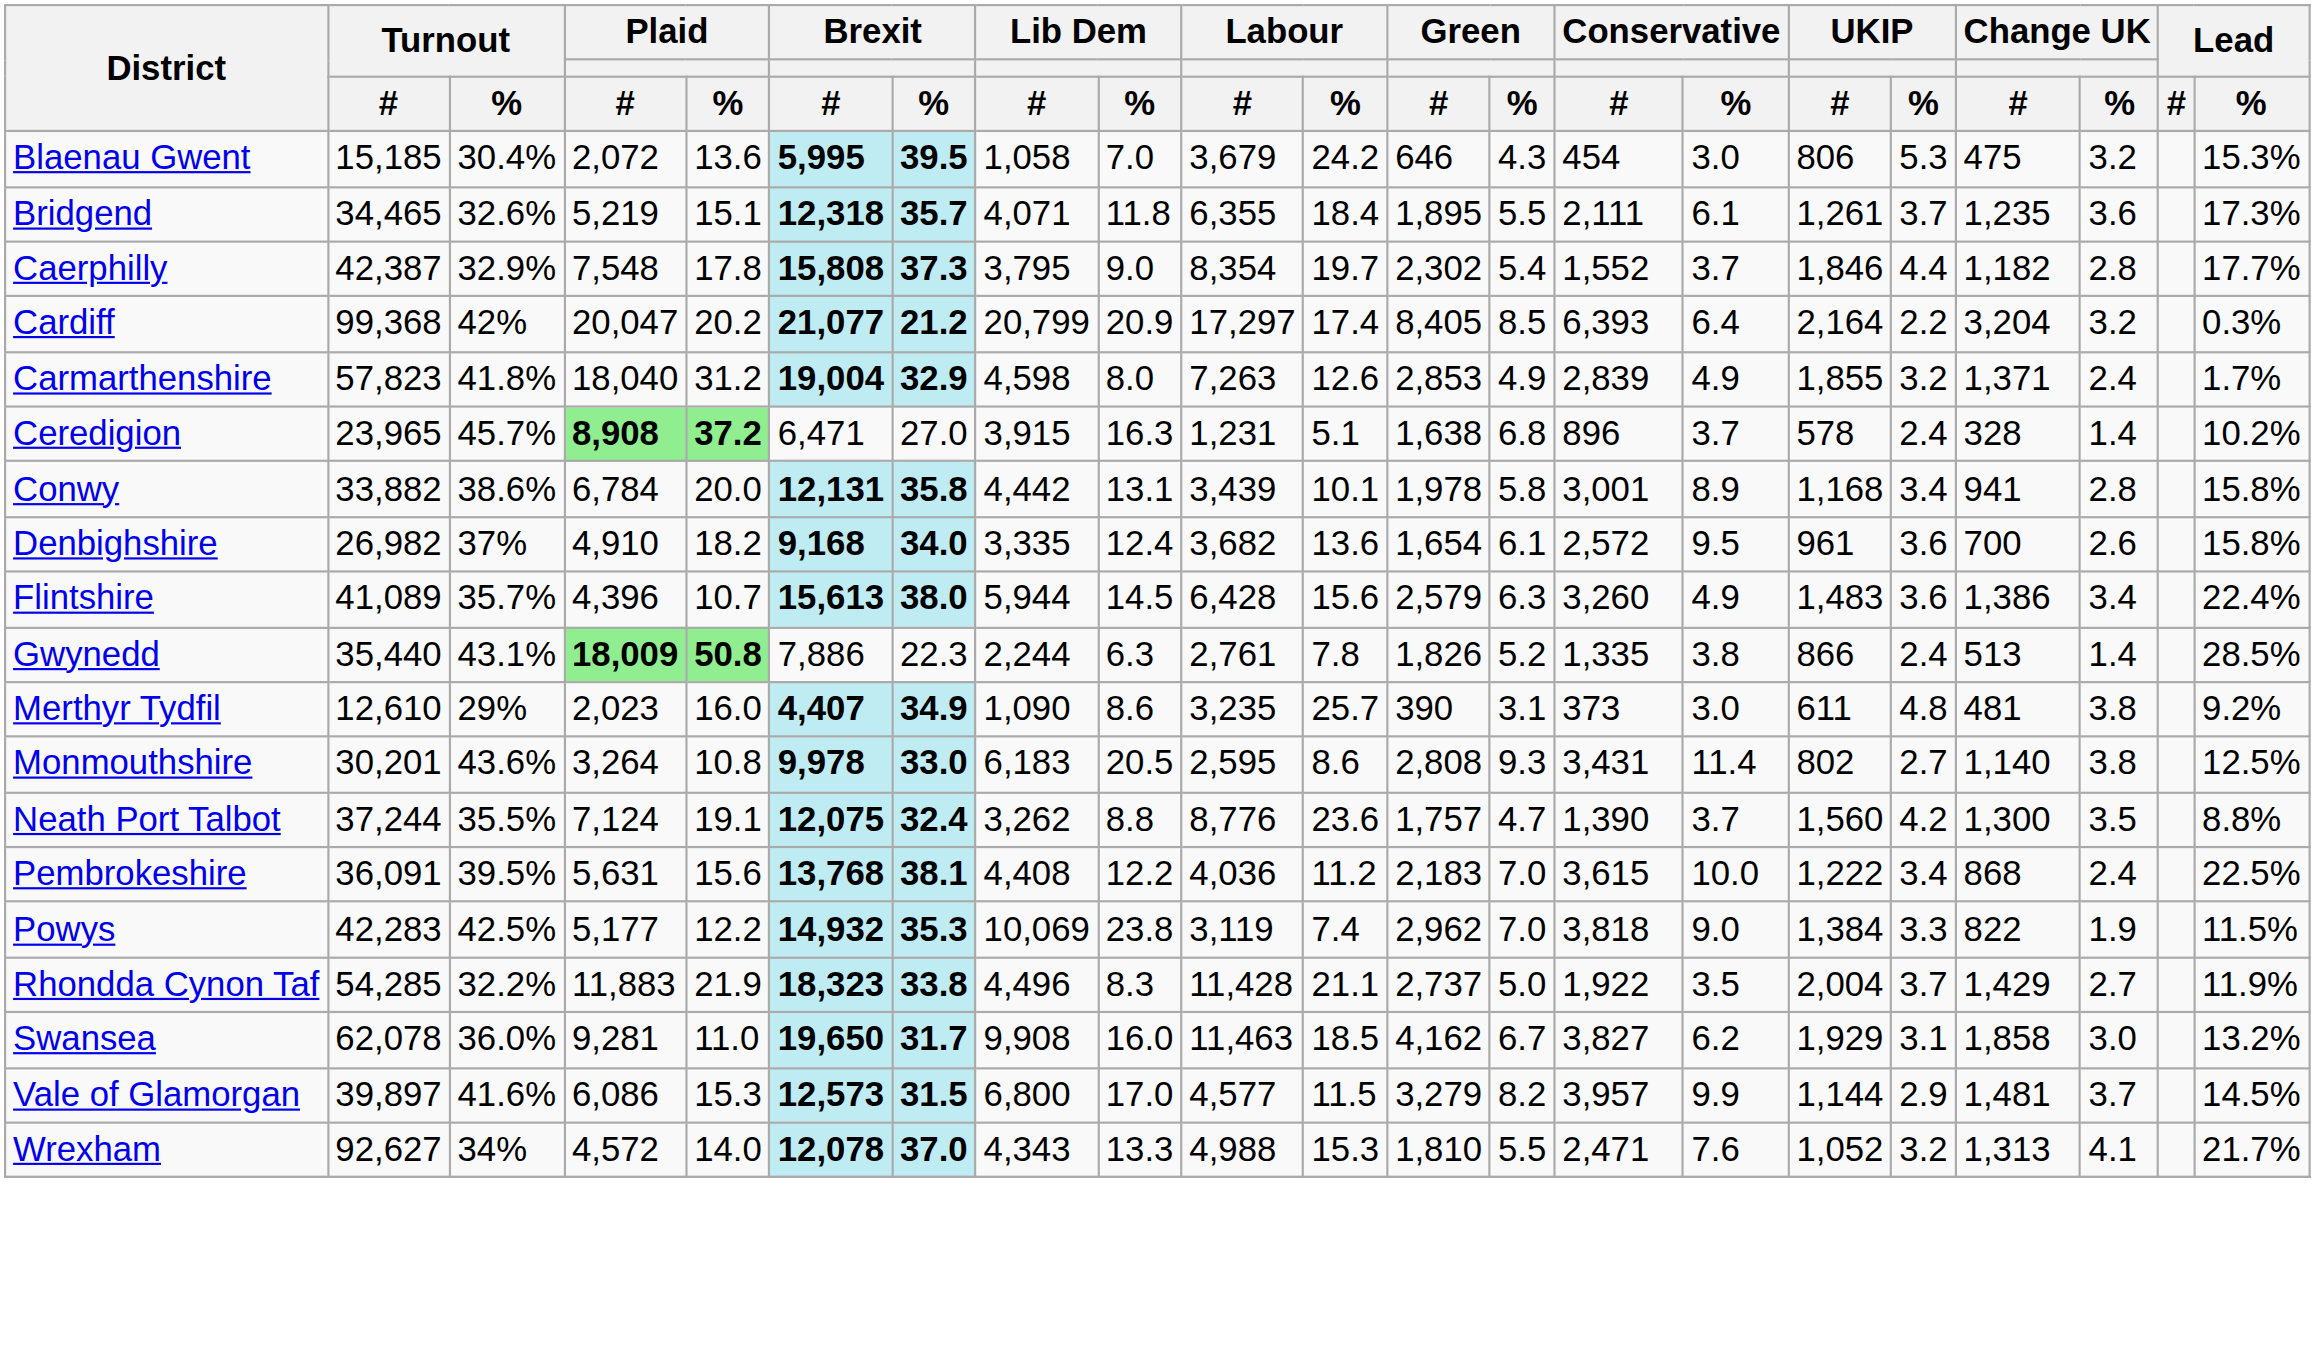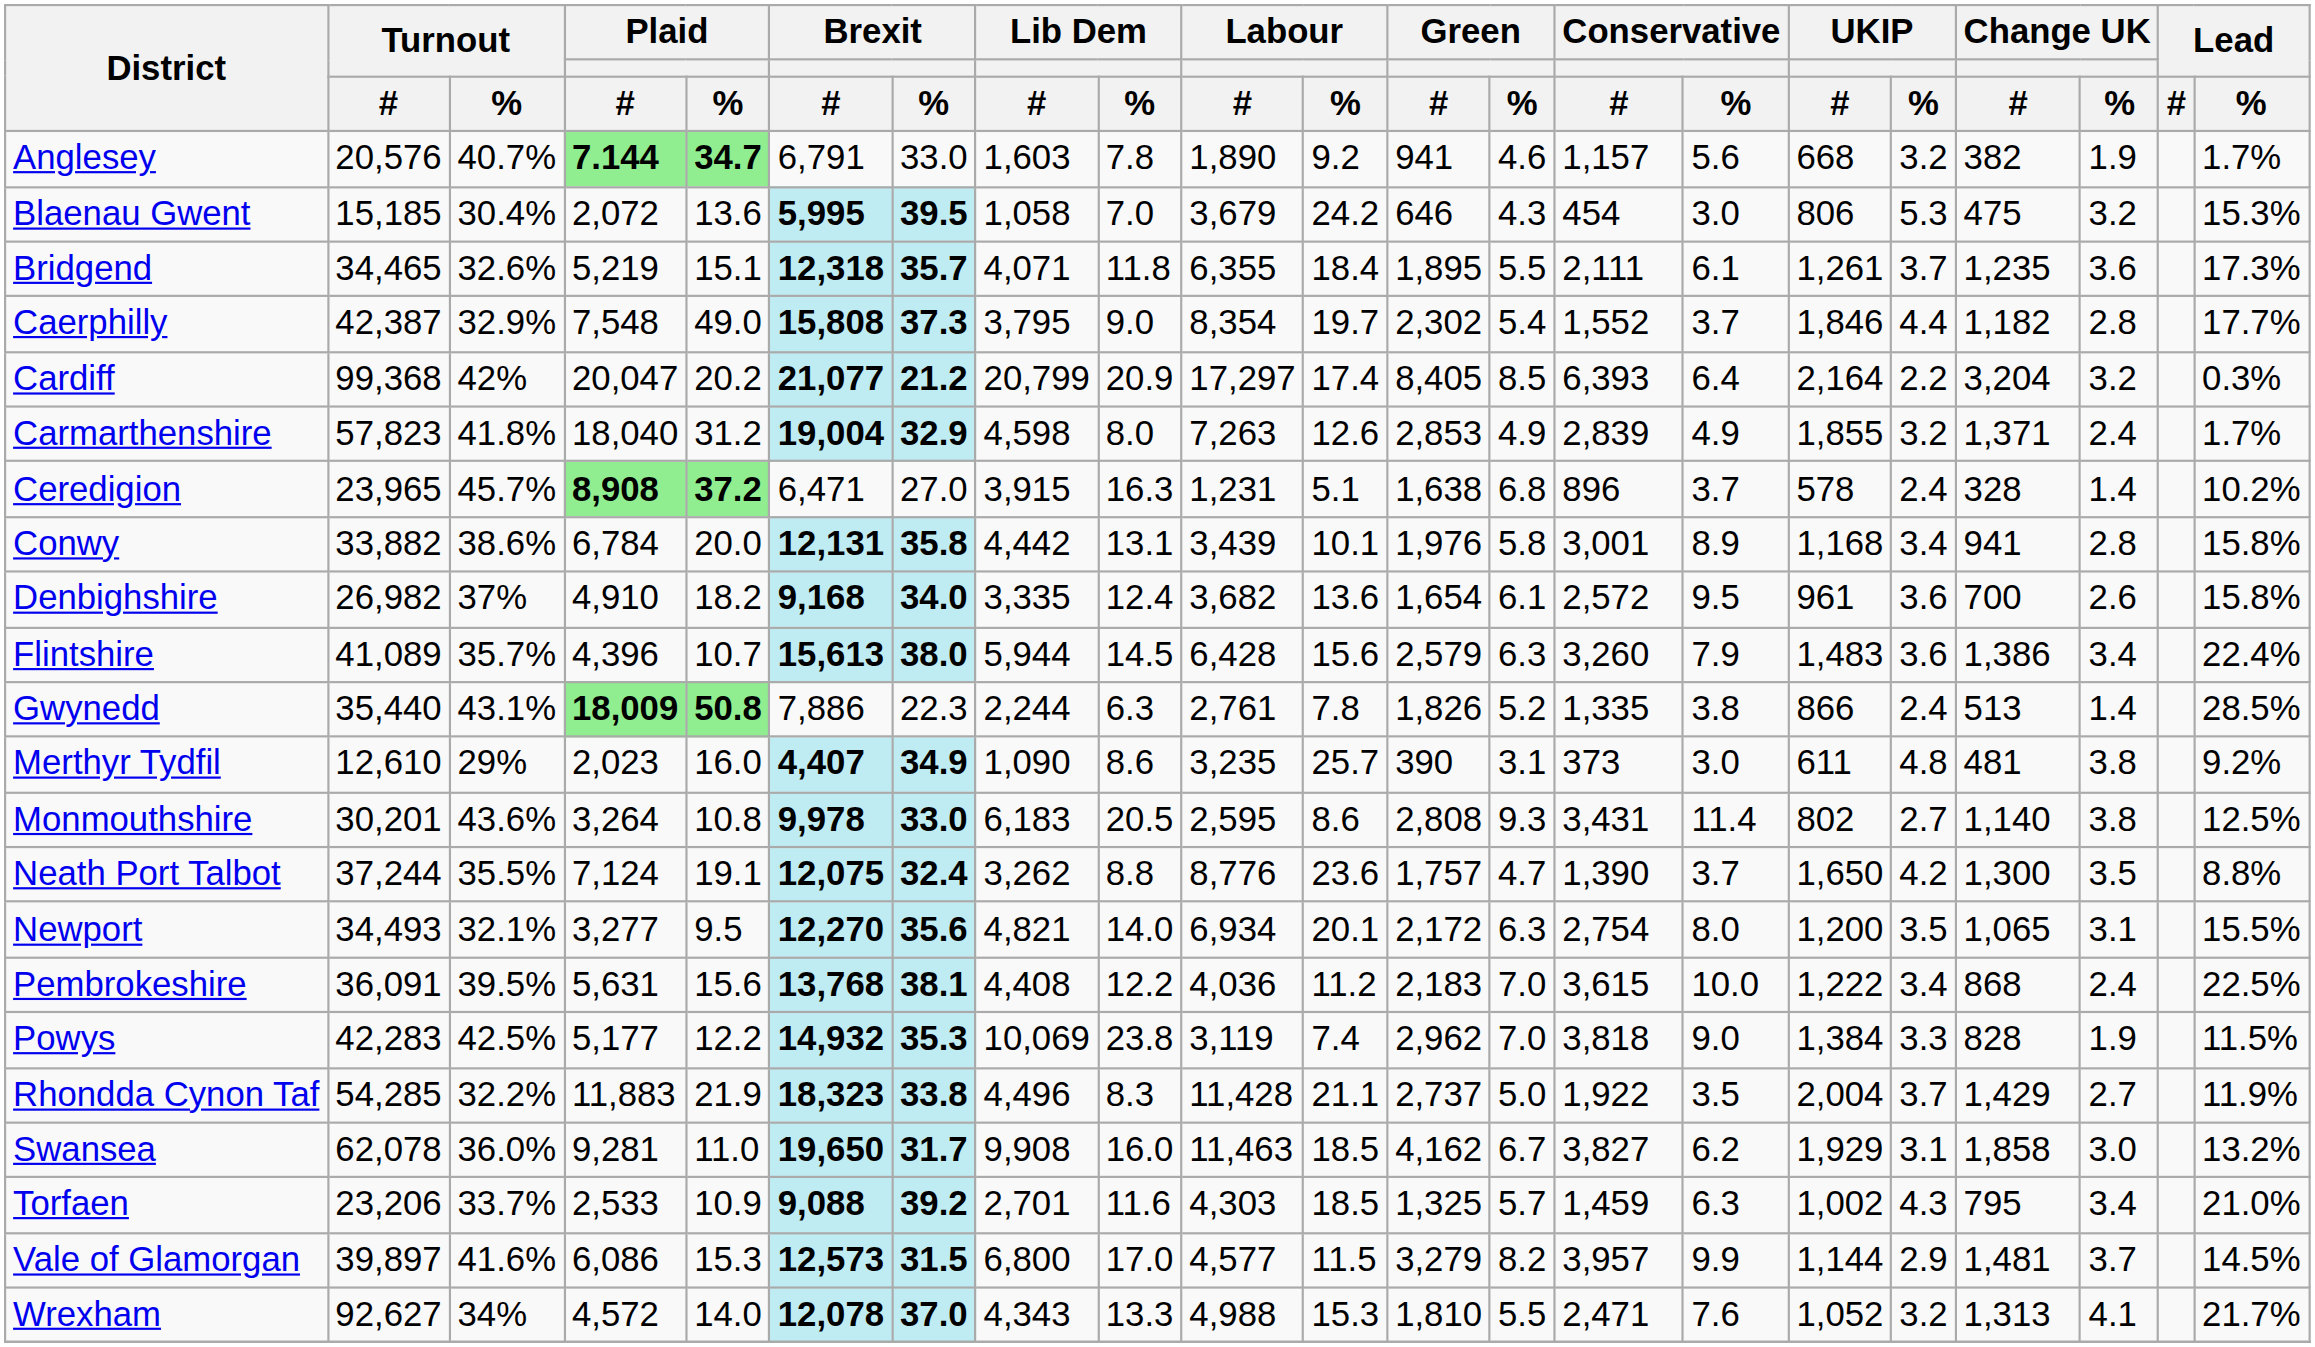 <table class="wikitable sortable">
 <tr>
 <th rowspan=3>District</th>
 <th rowspan=2 colspan=2>Turnout</th>
 <th colspan="2">Plaid</th>
 <th colspan="2">Brexit</th>
 <th colspan="2">Lib Dem</th>
 <th colspan="2">Labour</th>
 <th colspan="2">Green</th>
 <th colspan="2">Conservative</th>
 <th colspan="2">UKIP</th>
 <th colspan="2">Change UK</th>
 <th colspan="2" rowspan="2">Lead</th>
 </tr>
 <tr>
 <th colspan="2" style="background:"></th>
 <th colspan="2" style="background:"></th>
 <th colspan="2" style="background:"></th>
 <th colspan="2" style="background:"></th>
 <th colspan="2" style="background:"></th>
 <th colspan="2" style="background:"></th>
 <th colspan="2" style="background:"></th>
 <th colspan="2" style="background:"></th>
 </tr>
 <tr>
 <th>#</th>
 <th>%</th>
 <th>#</th>
 <th>%</th>
 <th>#</th>
 <th>%</th>
 <th>#</th>
 <th>%</th>
 <th>#</th>
 <th>%</th>
 <th>#</th>
 <th>%</th>
 <th>#</th>
 <th>%</th>
 <th>#</th>
 <th>%</th>
 <th>#</th>
 <th>%</th>
 <th>#</th>
 <th>%</th>
+</tr>
+<tr>
+<td><a href='#'>Anglesey</a></td>
+<td>20,576</td>
+<td>40.7%</td>
+<td style="background:#90ee90"><strong>7.144</strong></td>
+<td style="background:#90ee90"><strong>34.7</strong></td>
+<td>6,791</td>
+<td>33.0</td>
+<td>1,603</td>
+<td>7.8</td>
+<td>1,890</td>
+<td>9.2</td>
+<td>941</td>
+<td>4.6</td>
+<td>1,157</td>
+<td>5.6</td>
+<td>668</td>
+<td>3.2</td>
+<td>382</td>
+<td>1.9</td>
+<td style="background:"></td>
+<td style="background:">1.7%</td>
 </tr>
 <tr>
 <td><a href='#'>Blaenau Gwent</a></td>
 <td>15,185</td>
 <td>30.4%</td>
 <td>2,072</td>
 <td>13.6</td>
 <td style="background:#BFEBF2;"><strong>5,995</strong></td>
 <td style="background:#BFEBF2;"><strong>39.5</strong></td>
 <td>1,058</td>
 <td>7.0</td>
 <td>3,679</td>
 <td>24.2</td>
 <td>646</td>
 <td>4.3</td>
 <td>454</td>
 <td>3.0</td>
 <td>806</td>
 <td>5.3</td>
 <td>475</td>
 <td>3.2</td>
 <td style="background:"></td>
 <td style="background:">15.3%</td>
 </tr>
 <tr>
 <td><a href='#'>Bridgend</a></td>
 <td>34,465</td>
 <td>32.6%</td>
 <td>5,219</td>
 <td>15.1</td>
 <td style="background:#BFEBF2;"><strong>12,318</strong></td>
 <td style="background:#BFEBF2;"><strong>35.7</strong></td>
 <td>4,071</td>
 <td>11.8</td>
 <td>6,355</td>
 <td>18.4</td>
 <td>1,895</td>
 <td>5.5</td>
 <td>2,111</td>
 <td>6.1</td>
 <td>1,261</td>
 <td>3.7</td>
 <td>1,235</td>
 <td>3.6</td>
 <td style="background:"></td>
 <td style="background:">17.3%</td>
 </tr>
 <tr>
 <td><a href='#'>Caerphilly</a></td>
 <td>42,387</td>
 <td>32.9%</td>
 <td>7,548</td>
-<td>17.8</td>
+<td>49.0</td>
 <td style="background:#BFEBF2;"><strong>15,808</strong></td>
 <td style="background:#BFEBF2;"><strong>37.3</strong></td>
 <td>3,795</td>
 <td>9.0</td>
 <td>8,354</td>
 <td>19.7</td>
 <td>2,302</td>
 <td>5.4</td>
 <td>1,552</td>
 <td>3.7</td>
 <td>1,846</td>
 <td>4.4</td>
 <td>1,182</td>
 <td>2.8</td>
 <td style="background:"></td>
 <td style="background:">17.7%</td>
 </tr>
 <tr>
 <td><a href='#'>Cardiff</a></td>
 <td>99,368</td>
 <td>42%</td>
 <td>20,047</td>
 <td>20.2</td>
 <td style="background:#BFEBF2;"><strong>21,077</strong></td>
 <td style="background:#BFEBF2;"><strong>21.2</strong></td>
 <td>20,799</td>
 <td>20.9</td>
 <td>17,297</td>
 <td>17.4</td>
 <td>8,405</td>
 <td>8.5</td>
 <td>6,393</td>
 <td>6.4</td>
 <td>2,164</td>
 <td>2.2</td>
 <td>3,204</td>
 <td>3.2</td>
 <td style="background:"></td>
 <td style="background:">0.3%</td>
 </tr>
 <tr>
 <td><a href='#'>Carmarthenshire</a></td>
 <td>57,823</td>
 <td>41.8%</td>
 <td>18,040</td>
 <td>31.2</td>
 <td style="background:#BFEBF2;"><strong>19,004</strong></td>
 <td style="background:#BFEBF2;"><strong>32.9</strong></td>
 <td>4,598</td>
 <td>8.0</td>
 <td>7,263</td>
 <td>12.6</td>
 <td>2,853</td>
 <td>4.9</td>
 <td>2,839</td>
 <td>4.9</td>
 <td>1,855</td>
 <td>3.2</td>
 <td>1,371</td>
 <td>2.4</td>
 <td style="background:"></td>
 <td style="background:">1.7%</td>
 </tr>
 <tr>
 <td><a href='#'>Ceredigion</a></td>
 <td>23,965</td>
 <td>45.7%</td>
 <td style="background:#90ee90"><strong>8,908</strong></td>
 <td style="background:#90ee90"><strong>37.2</strong></td>
 <td>6,471</td>
 <td>27.0</td>
 <td>3,915</td>
 <td>16.3</td>
 <td>1,231</td>
 <td>5.1</td>
 <td>1,638</td>
 <td>6.8</td>
 <td>896</td>
 <td>3.7</td>
 <td>578</td>
 <td>2.4</td>
 <td>328</td>
 <td>1.4</td>
 <td style="background:"></td>
 <td style="background:">10.2%</td>
 </tr>
 <tr>
 <td><a href='#'>Conwy</a></td>
 <td>33,882</td>
 <td>38.6%</td>
 <td>6,784</td>
 <td>20.0</td>
 <td style="background:#BFEBF2;"><strong>12,131</strong></td>
 <td style="background:#BFEBF2;"><strong>35.8</strong></td>
 <td>4,442</td>
 <td>13.1</td>
 <td>3,439</td>
 <td>10.1</td>
-<td>1,978</td>
+<td>1,976</td>
 <td>5.8</td>
 <td>3,001</td>
 <td>8.9</td>
 <td>1,168</td>
 <td>3.4</td>
 <td>941</td>
 <td>2.8</td>
 <td style="background:"></td>
 <td style="background:">15.8%</td>
 </tr>
 <tr>
 <td><a href='#'>Denbighshire</a></td>
 <td>26,982</td>
 <td>37%</td>
 <td>4,910</td>
 <td>18.2</td>
 <td style="background:#BFEBF2;"><strong>9,168</strong></td>
 <td style="background:#BFEBF2;"><strong>34.0</strong></td>
 <td>3,335</td>
 <td>12.4</td>
 <td>3,682</td>
 <td>13.6</td>
 <td>1,654</td>
 <td>6.1</td>
 <td>2,572</td>
 <td>9.5</td>
 <td>961</td>
 <td>3.6</td>
 <td>700</td>
 <td>2.6</td>
 <td style="background:"></td>
 <td style="background:">15.8%</td>
 </tr>
 <tr>
 <td><a href='#'>Flintshire</a></td>
 <td>41,089</td>
 <td>35.7%</td>
 <td>4,396</td>
 <td>10.7</td>
 <td style="background:#BFEBF2;"><strong>15,613</strong></td>
 <td style="background:#BFEBF2;"><strong>38.0</strong></td>
 <td>5,944</td>
 <td>14.5</td>
 <td>6,428</td>
 <td>15.6</td>
 <td>2,579</td>
 <td>6.3</td>
 <td>3,260</td>
-<td>4.9</td>
+<td>7.9</td>
 <td>1,483</td>
 <td>3.6</td>
 <td>1,386</td>
 <td>3.4</td>
 <td style="background:"></td>
 <td style="background:">22.4%</td>
 </tr>
 <tr>
 <td><a href='#'>Gwynedd</a></td>
 <td>35,440</td>
 <td>43.1%</td>
 <td style="background:#90ee90"><strong> 18,009</strong></td>
 <td style="background:#90ee90"><strong>50.8</strong></td>
 <td>7,886</td>
 <td>22.3</td>
 <td>2,244</td>
 <td>6.3</td>
 <td>2,761</td>
 <td>7.8</td>
 <td>1,826</td>
 <td>5.2</td>
 <td>1,335</td>
 <td>3.8</td>
 <td>866</td>
 <td>2.4</td>
 <td>513</td>
 <td>1.4</td>
 <td style="background:"></td>
 <td style="background:">28.5%</td>
 </tr>
 <tr>
 <td><a href='#'>Merthyr Tydfil</a></td>
 <td>12,610</td>
 <td>29%</td>
 <td>2,023</td>
 <td>16.0</td>
 <td style="background:#BFEBF2;"><strong>4,407</strong></td>
 <td style="background:#BFEBF2;"><strong>34.9</strong></td>
 <td>1,090</td>
 <td>8.6</td>
 <td>3,235</td>
 <td>25.7</td>
 <td>390</td>
 <td>3.1</td>
 <td>373</td>
 <td>3.0</td>
 <td>611</td>
 <td>4.8</td>
 <td>481</td>
 <td>3.8</td>
 <td style="background:"></td>
 <td style="background:">9.2%</td>
 </tr>
 <tr>
 <td><a href='#'>Monmouthshire</a></td>
 <td>30,201</td>
 <td>43.6%</td>
 <td>3,264</td>
 <td>10.8</td>
 <td style="background:#BFEBF2;"><strong>9,978</strong></td>
 <td style="background:#BFEBF2;"><strong>33.0</strong></td>
 <td>6,183</td>
 <td>20.5</td>
 <td>2,595</td>
 <td>8.6</td>
 <td>2,808</td>
 <td>9.3</td>
 <td>3,431</td>
 <td>11.4</td>
 <td>802</td>
 <td>2.7</td>
 <td>1,140</td>
 <td>3.8</td>
 <td style="background:"></td>
 <td style="background:">12.5%</td>
 </tr>
 <tr>
 <td><a href='#'>Neath Port Talbot</a></td>
 <td>37,244</td>
 <td>35.5%</td>
 <td>7,124</td>
 <td>19.1</td>
 <td style="background:#BFEBF2;"><strong>12,075</strong></td>
 <td style="background:#BFEBF2;"><strong>32.4</strong></td>
 <td>3,262</td>
 <td>8.8</td>
 <td>8,776</td>
 <td>23.6</td>
 <td>1,757</td>
 <td>4.7</td>
 <td>1,390</td>
 <td>3.7</td>
-<td>1,560</td>
+<td>1,650</td>
 <td>4.2</td>
 <td>1,300</td>
 <td>3.5</td>
 <td style="background:"></td>
 <td style="background:">8.8%</td>
+</tr>
+<tr>
+<td><a href='#'>Newport</a></td>
+<td>34,493</td>
+<td>32.1%</td>
+<td>3,277</td>
+<td>9.5</td>
+<td style="background:#BFEBF2;"><strong>12,270</strong></td>
+<td style="background:#BFEBF2;"><strong>35.6</strong></td>
+<td>4,821</td>
+<td>14.0</td>
+<td>6,934</td>
+<td>20.1</td>
+<td>2,172</td>
+<td>6.3</td>
+<td>2,754</td>
+<td>8.0</td>
+<td>1,200</td>
+<td>3.5</td>
+<td>1,065</td>
+<td>3.1</td>
+<td style="background:"></td>
+<td style="background:">15.5%</td>
 </tr>
 <tr>
 <td><a href='#'>Pembrokeshire</a></td>
 <td>36,091</td>
 <td>39.5%</td>
 <td>5,631</td>
 <td>15.6</td>
 <td style="background:#BFEBF2;"><strong>13,768</strong></td>
 <td style="background:#BFEBF2;"><strong>38.1</strong></td>
 <td>4,408</td>
 <td>12.2</td>
 <td>4,036</td>
 <td>11.2</td>
 <td>2,183</td>
 <td>7.0</td>
 <td>3,615</td>
 <td>10.0</td>
 <td>1,222</td>
 <td>3.4</td>
 <td>868</td>
 <td>2.4</td>
 <td style="background:"></td>
 <td style="background:">22.5%</td>
 </tr>
 <tr>
 <td><a href='#'>Powys</a></td>
 <td>42,283</td>
 <td>42.5%</td>
 <td>5,177</td>
 <td>12.2</td>
 <td style="background:#BFEBF2;"><strong>14,932</strong></td>
 <td style="background:#BFEBF2;"><strong>35.3</strong></td>
 <td>10,069</td>
 <td>23.8</td>
 <td>3,119</td>
 <td>7.4</td>
 <td>2,962</td>
 <td>7.0</td>
 <td>3,818</td>
 <td>9.0</td>
 <td>1,384</td>
 <td>3.3</td>
-<td>822</td>
+<td>828</td>
 <td>1.9</td>
 <td style="background:"></td>
 <td style="background:">11.5%</td>
 </tr>
 <tr>
 <td><a href='#'>Rhondda Cynon Taf</a></td>
 <td>54,285</td>
 <td>32.2%</td>
 <td>11,883</td>
 <td>21.9</td>
 <td style="background:#BFEBF2;"><strong>18,323</strong></td>
 <td style="background:#BFEBF2;"><strong>33.8</strong></td>
 <td>4,496</td>
 <td>8.3</td>
 <td>11,428</td>
 <td>21.1</td>
 <td>2,737</td>
 <td>5.0</td>
 <td>1,922</td>
 <td>3.5</td>
 <td>2,004</td>
 <td>3.7</td>
 <td>1,429</td>
 <td>2.7</td>
 <td style="background:"></td>
 <td style="background:">11.9%</td>
 </tr>
 <tr>
 <td><a href='#'>Swansea</a></td>
 <td>62,078</td>
 <td>36.0%</td>
 <td>9,281</td>
 <td>11.0</td>
 <td style="background:#BFEBF2;"><strong>19,650</strong></td>
 <td style="background:#BFEBF2;"><strong>31.7</strong></td>
 <td>9,908</td>
 <td>16.0</td>
 <td>11,463</td>
 <td>18.5</td>
 <td>4,162</td>
 <td>6.7</td>
 <td>3,827</td>
 <td>6.2</td>
 <td>1,929</td>
 <td>3.1</td>
 <td>1,858</td>
 <td>3.0</td>
 <td style="background:"></td>
 <td style="background:">13.2%</td>
 </tr>
 <tr>
+<td><a href='#'>Torfaen</a></td>
+<td>23,206</td>
+<td>33.7%</td>
+<td>2,533</td>
+<td>10.9</td>
+<td style="background:#BFEBF2;"><strong>9,088</strong></td>
+<td style="background:#BFEBF2;"><strong>39.2</strong></td>
+<td>2,701</td>
+<td>11.6</td>
+<td>4,303</td>
+<td>18.5</td>
+<td>1,325</td>
+<td>5.7</td>
+<td>1,459</td>
+<td>6.3</td>
+<td>1,002</td>
+<td>4.3</td>
+<td>795</td>
+<td>3.4</td>
+<td style="background:"></td>
+<td style="background:">21.0%</td>
+</tr>
+<tr>
 <td><a href='#'>Vale of Glamorgan</a></td>
 <td>39,897</td>
 <td>41.6%</td>
 <td>6,086</td>
 <td>15.3</td>
 <td style="background:#BFEBF2;"><strong>12,573</strong></td>
 <td style="background:#BFEBF2;"><strong>31.5</strong></td>
 <td>6,800</td>
 <td>17.0</td>
 <td>4,577</td>
 <td>11.5</td>
 <td>3,279</td>
 <td>8.2</td>
 <td>3,957</td>
 <td>9.9</td>
 <td>1,144</td>
 <td>2.9</td>
 <td>1,481</td>
 <td>3.7</td>
 <td style="background:"></td>
 <td style="background:">14.5%</td>
 </tr>
 <tr>
 <td><a href='#'>Wrexham</a></td>
 <td>92,627</td>
 <td>34%</td>
 <td>4,572</td>
 <td>14.0</td>
 <td style="background:#BFEBF2;"><strong>12,078</strong></td>
 <td style="background:#BFEBF2;"><strong>37.0</strong></td>
 <td>4,343</td>
 <td>13.3</td>
 <td>4,988</td>
 <td>15.3</td>
 <td>1,810</td>
 <td>5.5</td>
 <td>2,471</td>
 <td>7.6</td>
 <td>1,052</td>
 <td>3.2</td>
 <td>1,313</td>
 <td>4.1</td>
 <td style="background:"></td>
 <td style="background:">21.7%</td>
 </tr>
 <tr>
 </tr>
 </table>
